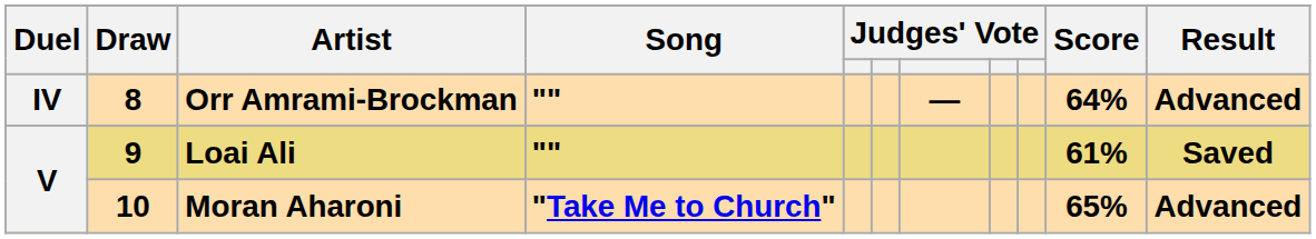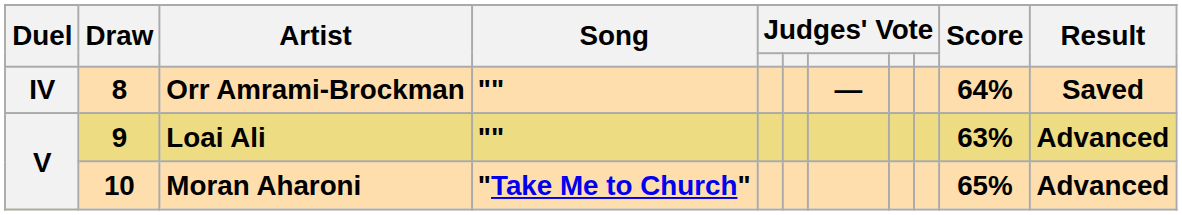 <table class="sortable wikitable" style="margin: 1em auto 1em auto; text-align:center; font-size:90%; line-height:18px;">
 <tr>
 </tr>
 <tr>
 <th rowspan="2" class="unsortable">Duel</th>
 <th rowspan="2">Draw</th>
 <th rowspan="2">Artist</th>
 <th rowspan="2">Song</th>
 <th colspan="5" class="unsortable">Judges' Vote</th>
 <th rowspan="2">Score</th>
 <th rowspan="2">Result</th>
 </tr>
 <tr>
 <th class="unsortable"></th>
 <th class="unsortable"></th>
 <th class="unsortable"></th>
 <th class="unsortable"></th>
 <th class="unsortable"></th>
 </tr>
 <tr style="font-weight:bold; background:navajowhite;">
 <th>IV</th>
 <td>8</td>
 <td align="left">Orr Amrami-Brockman</td>
 <td align="left">""</td>
 <td></td>
 <td></td>
 <td>—</td>
 <td></td>
 <td></td>
 <td>64%</td>
-<td>Advanced</td>
+<td>Saved</td>
 </tr>
 <tr style="font-weight:bold; background:#eedc82;">
 <th rowspan="2">V</th>
 <td>9</td>
 <td align="left">Loai Ali</td>
 <td align="left">""</td>
 <td></td>
 <td></td>
 <td></td>
 <td></td>
 <td></td>
-<td>61%</td>
-<td>Saved</td>
+<td>63%</td>
+<td>Advanced</td>
 </tr>
 <tr style="font-weight:bold; background:navajowhite;">
 <td>10</td>
 <td align="left">Moran Aharoni</td>
 <td align="left">"<a href='#'>Take Me to Church</a>"</td>
 <td></td>
 <td></td>
 <td></td>
 <td></td>
 <td></td>
 <td>65%</td>
 <td>Advanced</td>
 </tr>
 </table>
